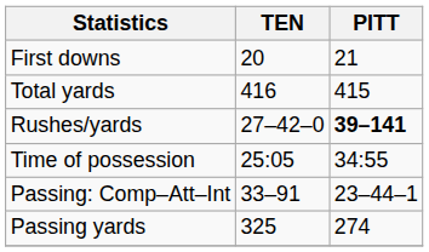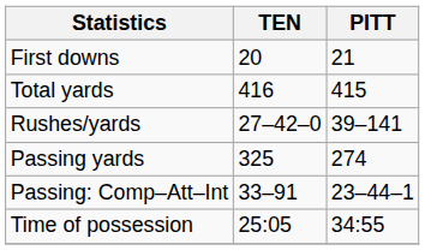 <table class="wikitable" style="float: left;">
 <tr>
 <th>Statistics</th>
 <th>TEN</th>
 <th>PITT</th>
 </tr>
 <tr>
 <td>First downs</td>
 <td>20</td>
 <td>21</td>
 </tr>
 <tr>
 <td>Total yards</td>
 <td>416</td>
 <td>415</td>
 </tr>
 <tr>
 <td>Rushes/yards</td>
 <td>27–42–0</td>
-<td><strong>39–141</strong></td>
+<td>39–141</td>
+</tr>
+<tr>
+<td>Passing yards</td>
+<td>325</td>
+<td>274</td>
+</tr>
+<tr>
+<td>Passing: Comp–Att–Int</td>
+<td>33–91</td>
+<td>23–44–1</td>
 </tr>
 <tr>
 <td>Time of possession</td>
 <td>25:05</td>
 <td>34:55</td>
 </tr>
 <tr>
-<td>Passing: Comp–Att–Int</td>
-<td>33–91</td>
-<td>23–44–1</td>
-</tr>
-<tr>
-<td>Passing yards</td>
-<td>325</td>
-<td>274</td>
-</tr>
-<tr>
 </tr>
 </table>
